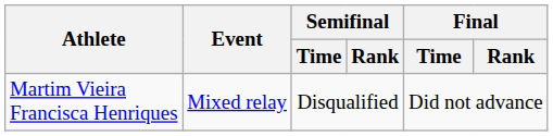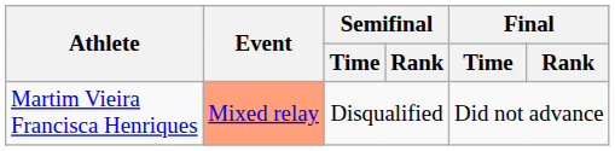 <table class="wikitable" style="font-size:90%">
 <tr>
 <th rowspan=2>Athlete</th>
 <th rowspan=2>Event</th>
 <th colspan=2>Semifinal</th>
 <th colspan=2>Final</th>
 </tr>
 <tr>
 <th>Time</th>
 <th>Rank</th>
 <th>Time</th>
 <th>Rank</th>
 </tr>
 <tr align=center>
 <td align=left><a href='#'>Martim Vieira</a><br><a href='#'>Francisca Henriques</a></td>
-<td align=left><a href='#'>Mixed relay</a></td>
+<td align=left style="background: lightsalmon;"><a href='#'>Mixed relay</a></td>
 <td colspan=2>Disqualified</td>
 <td colspan=2>Did not advance</td>
 </tr>
 </table>
